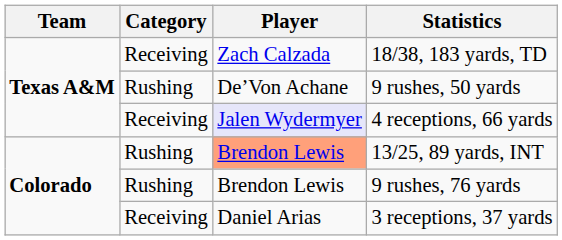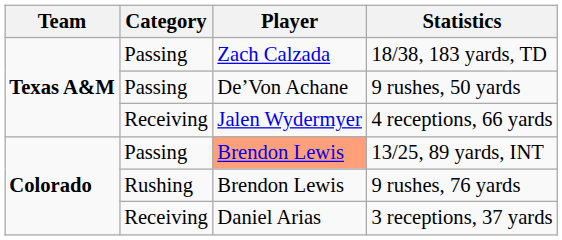 <table class="wikitable" style="float: right;">
 <tr>
 <th>Team</th>
 <th>Category</th>
 <th>Player</th>
 <th>Statistics</th>
 </tr>
 <tr>
 <td rowspan=3><strong>Texas A&M</strong></td>
-<td>Receiving</td>
+<td>Passing</td>
 <td><a href='#'>Zach Calzada</a></td>
 <td>18/38, 183 yards, TD</td>
 </tr>
 <tr>
-<td>Rushing</td>
+<td>Passing</td>
 <td>De’Von Achane</td>
 <td>9 rushes, 50 yards</td>
 </tr>
 <tr>
 <td>Receiving</td>
-<td style="background: lavender;"><a href='#'>Jalen Wydermyer</a></td>
+<td><a href='#'>Jalen Wydermyer</a></td>
 <td>4 receptions, 66 yards</td>
 </tr>
 <tr>
 <td rowspan=3><strong>Colorado</strong></td>
-<td>Rushing</td>
+<td>Passing</td>
 <td style="background: lightsalmon;"><a href='#'>Brendon Lewis</a></td>
 <td>13/25, 89 yards, INT</td>
 </tr>
 <tr>
 <td>Rushing</td>
 <td>Brendon Lewis</td>
 <td>9 rushes, 76 yards</td>
 </tr>
 <tr>
 <td>Receiving</td>
 <td>Daniel Arias</td>
 <td>3 receptions, 37 yards</td>
 </tr>
 </table>
